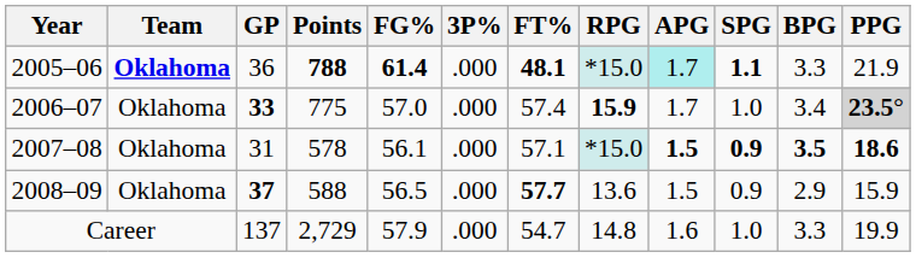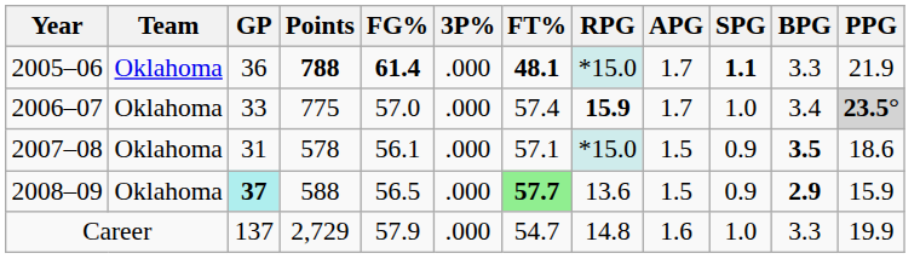 <table class="wikitable" style="text-align:center">
 <tr>
 <th>Year</th>
 <th>Team</th>
 <th>GP</th>
 <th>Points</th>
 <th>FG%</th>
 <th>3P%</th>
 <th>FT%</th>
 <th>RPG</th>
 <th>APG</th>
 <th>SPG</th>
 <th>BPG</th>
 <th>PPG</th>
 </tr>
 <tr>
 <td>2005–06</td>
-<td><strong><a href='#'>Oklahoma</a></strong></td>
+<td><a href='#'>Oklahoma</a></td>
 <td>36</td>
 <td><strong>788</strong></td>
 <td><strong>61.4</strong></td>
 <td>.000</td>
 <td><strong>48.1</strong></td>
 <td bgcolor=#cfecec>*15.0</td>
-<td style="background: paleturquoise;">1.7</td>
+<td>1.7</td>
 <td><strong>1.1</strong></td>
 <td>3.3</td>
 <td>21.9</td>
 </tr>
 <tr>
 <td>2006–07</td>
 <td>Oklahoma</td>
-<td><strong>33</strong></td>
+<td>33</td>
 <td>775</td>
 <td>57.0</td>
 <td>.000</td>
 <td>57.4</td>
 <td><strong>15.9</strong></td>
 <td>1.7</td>
 <td>1.0</td>
 <td>3.4</td>
 <td style="background:#D3D3D3"><strong>23.5</strong>°</td>
 </tr>
 <tr>
 <td>2007–08</td>
 <td>Oklahoma</td>
 <td>31</td>
 <td>578</td>
 <td>56.1</td>
 <td>.000</td>
 <td>57.1</td>
 <td bgcolor=#cfecec>*15.0</td>
-<td><strong>1.5</strong></td>
-<td><strong>0.9</strong></td>
+<td>1.5</td>
+<td>0.9</td>
 <td><strong>3.5</strong></td>
-<td><strong>18.6</strong></td>
+<td>18.6</td>
 </tr>
 <tr>
 <td>2008–09</td>
 <td>Oklahoma</td>
-<td><strong>37</strong></td>
+<td style="background: paleturquoise;"><strong>37</strong></td>
 <td>588</td>
 <td>56.5</td>
 <td>.000</td>
-<td><strong>57.7</strong></td>
+<td style="background: lightgreen;"><strong>57.7</strong></td>
 <td>13.6</td>
 <td>1.5</td>
 <td>0.9</td>
-<td>2.9</td>
+<td><strong>2.9</strong></td>
 <td>15.9</td>
 </tr>
 <tr>
 <td colspan=2; align=center>Career</td>
 <td>137</td>
 <td>2,729</td>
 <td>57.9</td>
 <td>.000</td>
 <td>54.7</td>
 <td>14.8</td>
 <td>1.6</td>
 <td>1.0</td>
 <td>3.3</td>
 <td>19.9</td>
 </tr>
 </table>
